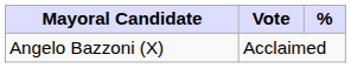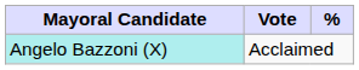 <table class="wikitable">
 <tr>
 <th style="background:#ddf; width:200px;">Mayoral Candidate</th>
 <th style="background:#ddf; width:50px;">Vote</th>
 <th style="background:#ddf; width:30px;">%</th>
 </tr>
 <tr>
-<td>Angelo Bazzoni (X)</td>
+<td style="background: paleturquoise;">Angelo Bazzoni (X)</td>
 <td colspan="2">Acclaimed</td>
 </tr>
 </table>
